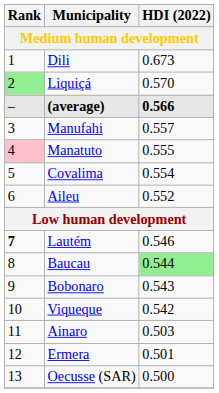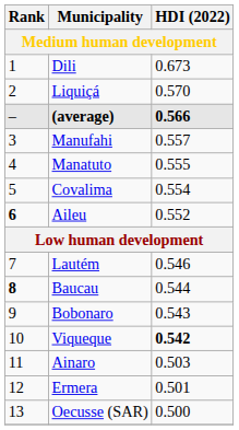 <table class="wikitable sortable">
 <tr>
 <th class="sort">Rank</th>
 <th class="sort">Municipality</th>
 <th class="sort">HDI (2022)</th>
 </tr>
 <tr>
 <th colspan="3" style="color:#fc0;">Medium human development</th>
 </tr>
 <tr>
 <td>1</td>
 <td style="text-align:left"><a href='#'>Dili</a></td>
 <td>0.673</td>
 </tr>
 <tr>
-<td style="background: lightgreen;">2</td>
+<td>2</td>
 <td style="text-align:left"><a href='#'>Liquiçá</a></td>
 <td>0.570</td>
 </tr>
 <tr style="background:#e6e6e6">
 <td>–</td>
 <td style="text-align:left"><strong></strong> <strong>(average)</strong></td>
 <td><strong>0.566</strong></td>
 </tr>
 <tr>
 <td>3</td>
 <td style="text-align:left"><a href='#'>Manufahi</a></td>
 <td>0.557</td>
 </tr>
 <tr>
-<td style="background: pink;">4</td>
+<td>4</td>
 <td style="text-align:left"><a href='#'>Manatuto</a></td>
 <td>0.555</td>
 </tr>
 <tr>
 <td>5</td>
 <td style="text-align:left"><a href='#'>Covalima</a></td>
 <td>0.554</td>
 </tr>
 <tr>
-<td>6</td>
+<td><strong>6</strong></td>
 <td style="text-align:left"><a href='#'>Aileu</a></td>
 <td>0.552</td>
 </tr>
 <tr>
 <th colspan="3" style="color:#900;">Low human development</th>
 </tr>
 <tr>
-<td><strong>7</strong></td>
+<td>7</td>
 <td style="text-align:left"><a href='#'>Lautém</a></td>
 <td>0.546</td>
 </tr>
 <tr>
-<td>8</td>
+<td><strong>8</strong></td>
 <td style="text-align:left"><a href='#'>Baucau</a></td>
-<td style="background: lightgreen;">0.544</td>
+<td>0.544</td>
 </tr>
 <tr>
 <td>9</td>
 <td style="text-align:left"><a href='#'>Bobonaro</a></td>
 <td>0.543</td>
 </tr>
 <tr>
 <td>10</td>
 <td style="text-align:left"><a href='#'>Viqueque</a></td>
-<td>0.542</td>
+<td><strong>0.542</strong></td>
 </tr>
 <tr>
 <td>11</td>
 <td style="text-align:left"><a href='#'>Ainaro</a></td>
 <td>0.503</td>
 </tr>
 <tr>
 <td>12</td>
 <td style="text-align:left"><a href='#'>Ermera</a></td>
 <td>0.501</td>
 </tr>
 <tr>
 <td>13</td>
 <td style="text-align:left"><a href='#'>Oecusse</a> (SAR)</td>
 <td>0.500</td>
 </tr>
 <tr>
 </tr>
 </table>
